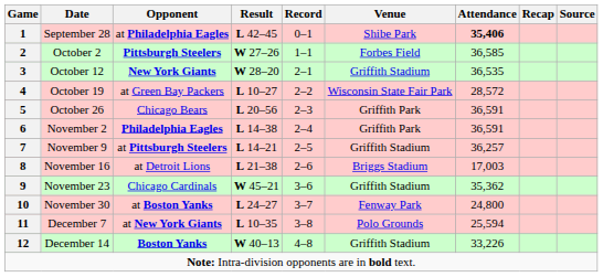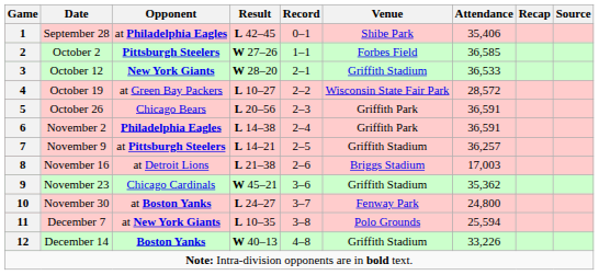 <table class="wikitable" style="text-align:center">
 <tr>
 <th>Game</th>
 <th>Date</th>
 <th>Opponent</th>
 <th>Result</th>
 <th>Record</th>
 <th>Venue</th>
 <th>Attendance</th>
 <th>Recap</th>
 <th>Source</th>
 </tr>
 <tr style="background:#fcc">
 <th>1</th>
 <td>September 28</td>
 <td>at <strong><a href='#'>Philadelphia Eagles</a></strong></td>
 <td><strong>L</strong> 42–45</td>
 <td>0–1</td>
 <td><a href='#'>Shibe Park</a></td>
-<td><strong>35,406</strong></td>
+<td>35,406</td>
 <td></td>
 <td></td>
 </tr>
 <tr style="background:#cfc">
 <th>2</th>
 <td>October 2</td>
 <td><strong><a href='#'>Pittsburgh Steelers</a></strong></td>
 <td><strong>W</strong> 27–26</td>
 <td>1–1</td>
 <td><a href='#'>Forbes Field</a></td>
 <td>36,585</td>
 <td></td>
 <td></td>
 </tr>
 <tr style="background:#cfc">
 <th>3</th>
 <td>October 12</td>
 <td><strong><a href='#'>New York Giants</a></strong></td>
 <td><strong>W</strong> 28–20</td>
 <td>2–1</td>
 <td><a href='#'>Griffith Stadium</a></td>
-<td>36,535</td>
+<td>36,533</td>
 <td></td>
 <td></td>
 </tr>
 <tr style="background:#fcc">
 <th>4</th>
 <td>October 19</td>
 <td>at <a href='#'>Green Bay Packers</a></td>
 <td><strong>L</strong> 10–27</td>
 <td>2–2</td>
 <td><a href='#'>Wisconsin State Fair Park</a></td>
 <td>28,572</td>
 <td></td>
 <td></td>
 </tr>
 <tr style="background:#fcc">
 <th>5</th>
 <td>October 26</td>
 <td><a href='#'>Chicago Bears</a></td>
 <td><strong>L</strong> 20–56</td>
 <td>2–3</td>
 <td>Griffith Park</td>
 <td>36,591</td>
 <td></td>
 <td></td>
 </tr>
 <tr style="background:#fcc">
 <th>6</th>
 <td>November 2</td>
 <td><strong><a href='#'>Philadelphia Eagles</a></strong></td>
 <td><strong>L</strong> 14–38</td>
 <td>2–4</td>
 <td>Griffith Park</td>
 <td>36,591</td>
 <td></td>
 <td></td>
 </tr>
 <tr style="background:#fcc">
 <th>7</th>
 <td>November 9</td>
 <td>at <strong><a href='#'>Pittsburgh Steelers</a></strong></td>
 <td><strong>L</strong> 14–21</td>
 <td>2–5</td>
 <td>Griffith Stadium</td>
 <td>36,257</td>
 <td></td>
 <td></td>
 </tr>
 <tr style="background:#fcc">
 <th>8</th>
 <td>November 16</td>
 <td>at <a href='#'>Detroit Lions</a></td>
 <td><strong>L</strong> 21–38</td>
 <td>2–6</td>
 <td><a href='#'>Briggs Stadium</a></td>
 <td>17,003</td>
 <td></td>
 <td></td>
 </tr>
 <tr style="background:#cfc">
 <th>9</th>
 <td>November 23</td>
 <td><a href='#'>Chicago Cardinals</a></td>
 <td><strong>W</strong> 45–21</td>
 <td>3–6</td>
 <td>Griffith Stadium</td>
 <td>35,362</td>
 <td></td>
 <td></td>
 </tr>
 <tr style="background:#fcc">
 <th>10</th>
 <td>November 30</td>
 <td>at <strong><a href='#'>Boston Yanks</a></strong></td>
 <td><strong>L</strong> 24–27</td>
 <td>3–7</td>
 <td><a href='#'>Fenway Park</a></td>
 <td>24,800</td>
 <td></td>
 <td></td>
 </tr>
 <tr style="background:#fcc">
 <th>11</th>
 <td>December 7</td>
 <td>at <strong><a href='#'>New York Giants</a></strong></td>
 <td><strong>L</strong> 10–35</td>
 <td>3–8</td>
 <td><a href='#'>Polo Grounds</a></td>
 <td>25,594</td>
 <td></td>
 <td></td>
 </tr>
 <tr style="background:#cfc">
 <th>12</th>
 <td>December 14</td>
 <td><strong><a href='#'>Boston Yanks</a></strong></td>
 <td><strong>W</strong> 40–13</td>
 <td>4–8</td>
 <td>Griffith Stadium</td>
 <td>33,226</td>
 <td></td>
 <td></td>
 </tr>
 <tr>
 <td colspan="10"><strong>Note:</strong> Intra-division opponents are in <strong>bold</strong> text.</td>
 </tr>
 </table>
